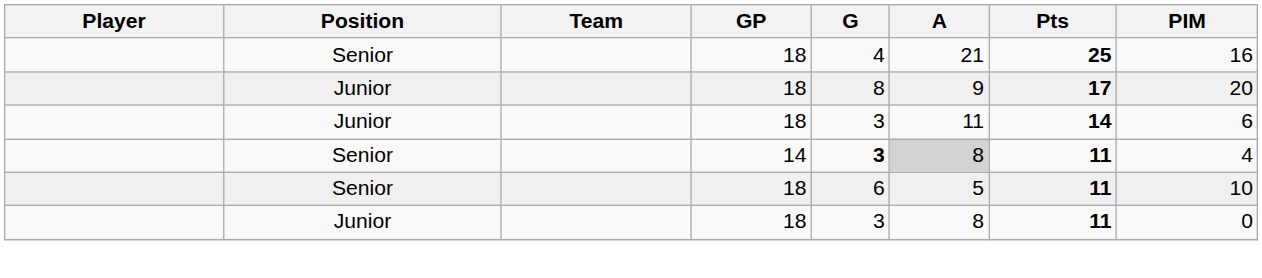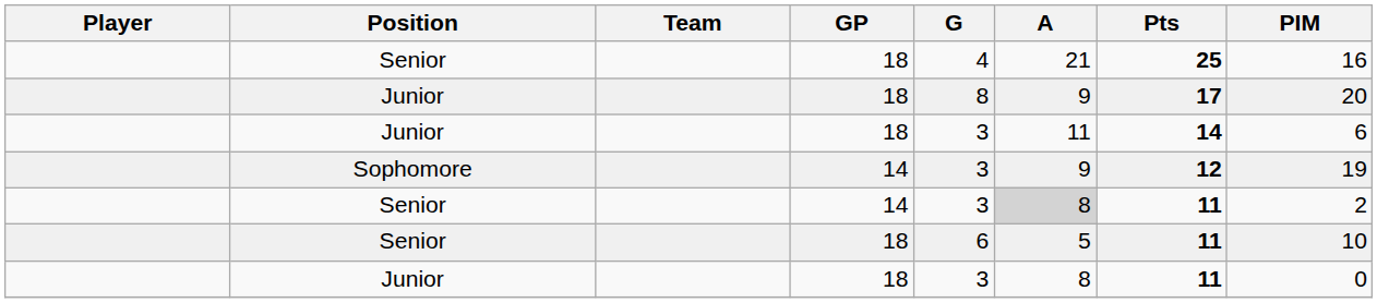 <table class="wikitable sortable" style="text-align: center; "width=60%">
 <tr>
 <th>Player</th>
 <th>Position</th>
 <th>Team</th>
 <th>GP</th>
 <th>G</th>
 <th>A</th>
 <th>Pts</th>
 <th>PIM</th>
 </tr>
 <tr>
 <td style="text-align: left"></td>
 <td>Senior</td>
 <td><strong><a href='#'></a></strong></td>
 <td style="text-align: right">18</td>
 <td style="text-align: right">4</td>
 <td style="text-align: right">21</td>
 <td style="text-align: right"><strong>25</strong></td>
 <td style="text-align: right">16</td>
 </tr>
 <tr bgcolor=f0f0f0>
 <td style="text-align: left"></td>
 <td>Junior</td>
 <td><strong><a href='#'></a></strong></td>
 <td style="text-align: right">18</td>
 <td style="text-align: right">8</td>
 <td style="text-align: right">9</td>
 <td style="text-align: right"><strong>17</strong></td>
 <td style="text-align: right">20</td>
 </tr>
 <tr>
 <td style="text-align: left"></td>
 <td>Junior</td>
 <td><strong><a href='#'></a></strong></td>
 <td style="text-align: right">18</td>
 <td style="text-align: right">3</td>
 <td style="text-align: right">11</td>
 <td style="text-align: right"><strong>14</strong></td>
 <td style="text-align: right">6</td>
 </tr>
+<tr bgcolor=f0f0f0>
+<td style="text-align: left"></td>
+<td>Sophomore</td>
+<td><strong><a href='#'></a></strong></td>
+<td style="text-align: right">14</td>
+<td style="text-align: right">3</td>
+<td style="text-align: right">9</td>
+<td style="text-align: right"><strong>12</strong></td>
+<td style="text-align: right">19</td>
+</tr>
 <tr>
 <td style="text-align: left"></td>
 <td>Senior</td>
 <td><strong><a href='#'></a></strong></td>
 <td style="text-align: right">14</td>
-<td style="text-align: right"><strong>3</strong></td>
+<td style="text-align: right">3</td>
 <td style="background: lightgrey; text-align: right">8</td>
 <td style="text-align: right"><strong>11</strong></td>
-<td style="text-align: right">4</td>
+<td style="text-align: right">2</td>
 </tr>
 <tr bgcolor=f0f0f0>
 <td style="text-align: left"></td>
 <td>Senior</td>
 <td><strong><a href='#'></a></strong></td>
 <td style="text-align: right">18</td>
 <td style="text-align: right">6</td>
 <td style="text-align: right">5</td>
 <td style="text-align: right"><strong>11</strong></td>
 <td style="text-align: right">10</td>
 </tr>
 <tr>
 <td style="text-align: left"></td>
 <td>Junior</td>
 <td><strong><a href='#'></a></strong></td>
 <td style="text-align: right">18</td>
 <td style="text-align: right">3</td>
 <td style="text-align: right">8</td>
 <td style="text-align: right"><strong>11</strong></td>
 <td style="text-align: right">0</td>
 </tr>
 <tr>
 </tr>
 </table>
